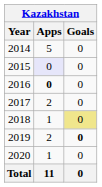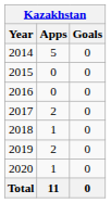 <table class="wikitable" style="text-align:center">
 <tr>
 <th colspan=3><a href='#'>Kazakhstan</a></th>
 </tr>
 <tr>
 <th>Year</th>
 <th>Apps</th>
 <th>Goals</th>
 </tr>
 <tr>
 <td>2014</td>
 <td>5</td>
 <td>0</td>
 </tr>
 <tr>
 <td>2015</td>
-<td style="background: lavender;">0</td>
+<td>0</td>
 <td>0</td>
 </tr>
 <tr>
 <td>2016</td>
-<td><strong>0</strong></td>
+<td>0</td>
 <td>0</td>
 </tr>
 <tr>
 <td>2017</td>
 <td>2</td>
 <td>0</td>
 </tr>
 <tr>
 <td>2018</td>
 <td>1</td>
-<td style="background: khaki;">0</td>
+<td>0</td>
 </tr>
 <tr>
 <td>2019</td>
 <td>2</td>
-<td><strong>0</strong></td>
+<td>0</td>
 </tr>
 <tr>
 <td>2020</td>
 <td>1</td>
 <td>0</td>
 </tr>
 <tr>
 <th>Total</th>
 <th>11</th>
 <th>0</th>
 </tr>
 </table>
